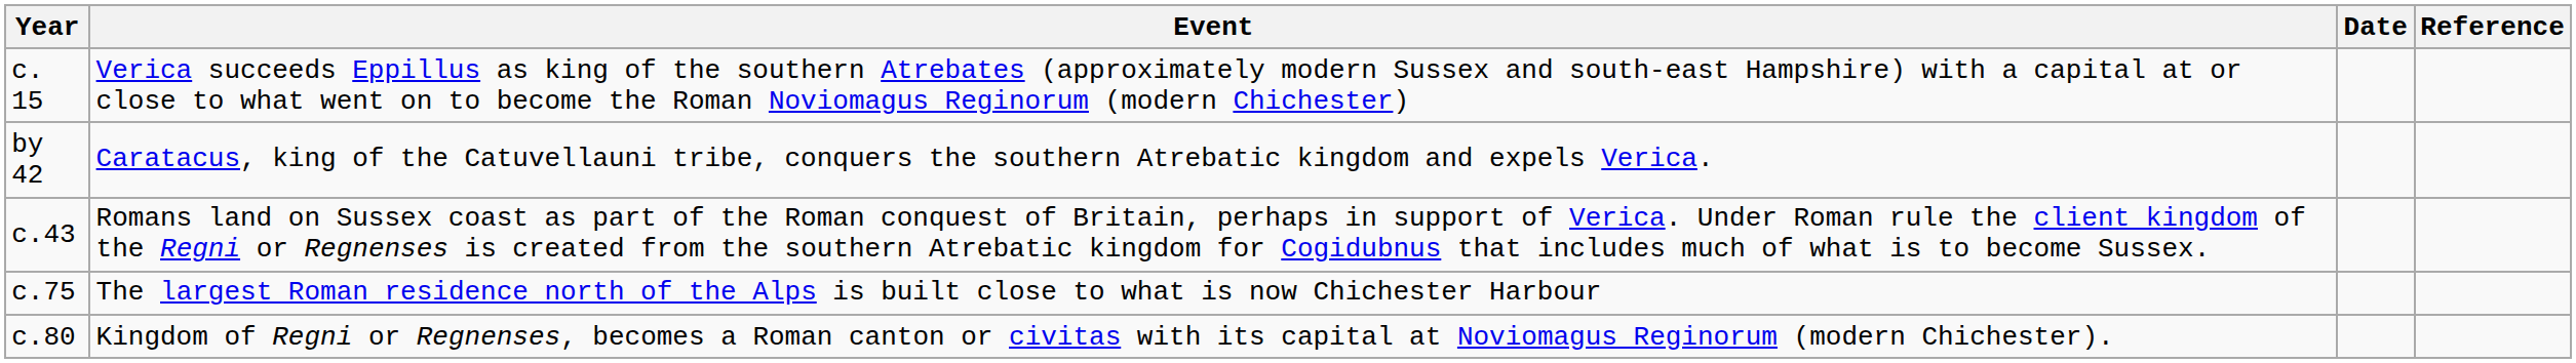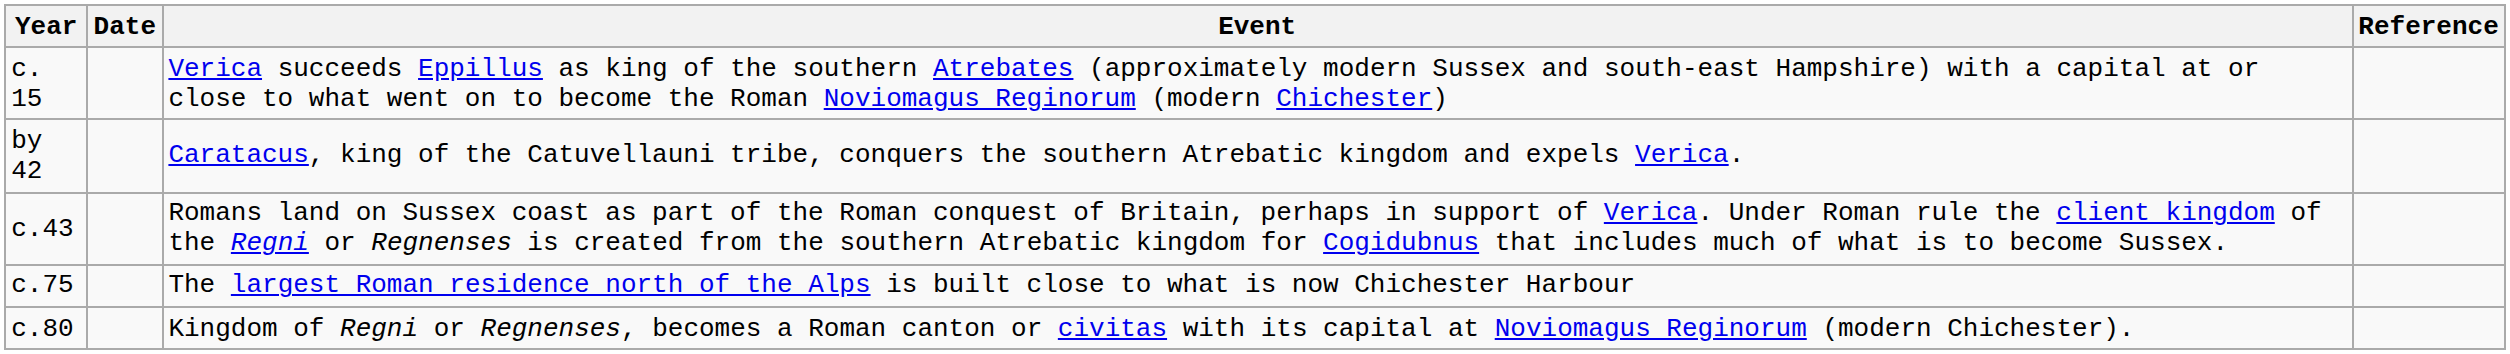 <table class="wikitable">
 <tr>
 <th TITTY>Year</th>
+<th TITTY>Date</th>
 <th>Event</th>
-<th TITTY>Date</th>
 <th>Reference</th>
 </tr>
 <tr>
 <td>c. 15</td>
+<td></td>
 <td><a href='#'>Verica</a> succeeds <a href='#'>Eppillus</a> as king of the southern <a href='#'>Atrebates</a> (approximately modern Sussex and south-east Hampshire) with a capital at or close to what went on to become the Roman <a href='#'>Noviomagus Reginorum</a> (modern <a href='#'>Chichester</a>)</td>
-<td></td>
 <td></td>
 </tr>
 <tr>
 <td>by 42</td>
+<td></td>
 <td><a href='#'>Caratacus</a>,  king of the Catuvellauni tribe, conquers the southern Atrebatic kingdom and expels <a href='#'>Verica</a>.</td>
-<td></td>
 <td></td>
 </tr>
 <tr>
 <td>c.43</td>
+<td></td>
 <td>Romans land on Sussex coast as part of the Roman conquest of Britain, perhaps in support of <a href='#'>Verica</a>. Under Roman rule the <a href='#'>client kingdom</a> of the <em><a href='#'>Regni</a></em> or <em>Regnenses</em> is created from the southern Atrebatic kingdom for <a href='#'>Cogidubnus</a> that includes much of what is to become Sussex.</td>
-<td></td>
 <td></td>
 </tr>
 <tr>
 <td>c.75</td>
+<td></td>
 <td>The <a href='#'>largest Roman residence north of the Alps</a> is built close to what is now Chichester Harbour</td>
-<td></td>
 <td></td>
 </tr>
 <tr>
 <td>c.80</td>
+<td></td>
 <td>Kingdom of <em>Regni</em> or <em>Regnenses</em>, becomes a Roman canton or <a href='#'>civitas</a> with its capital at <a href='#'>Noviomagus Reginorum</a> (modern Chichester).</td>
-<td></td>
 <td></td>
 </tr>
 </table>
